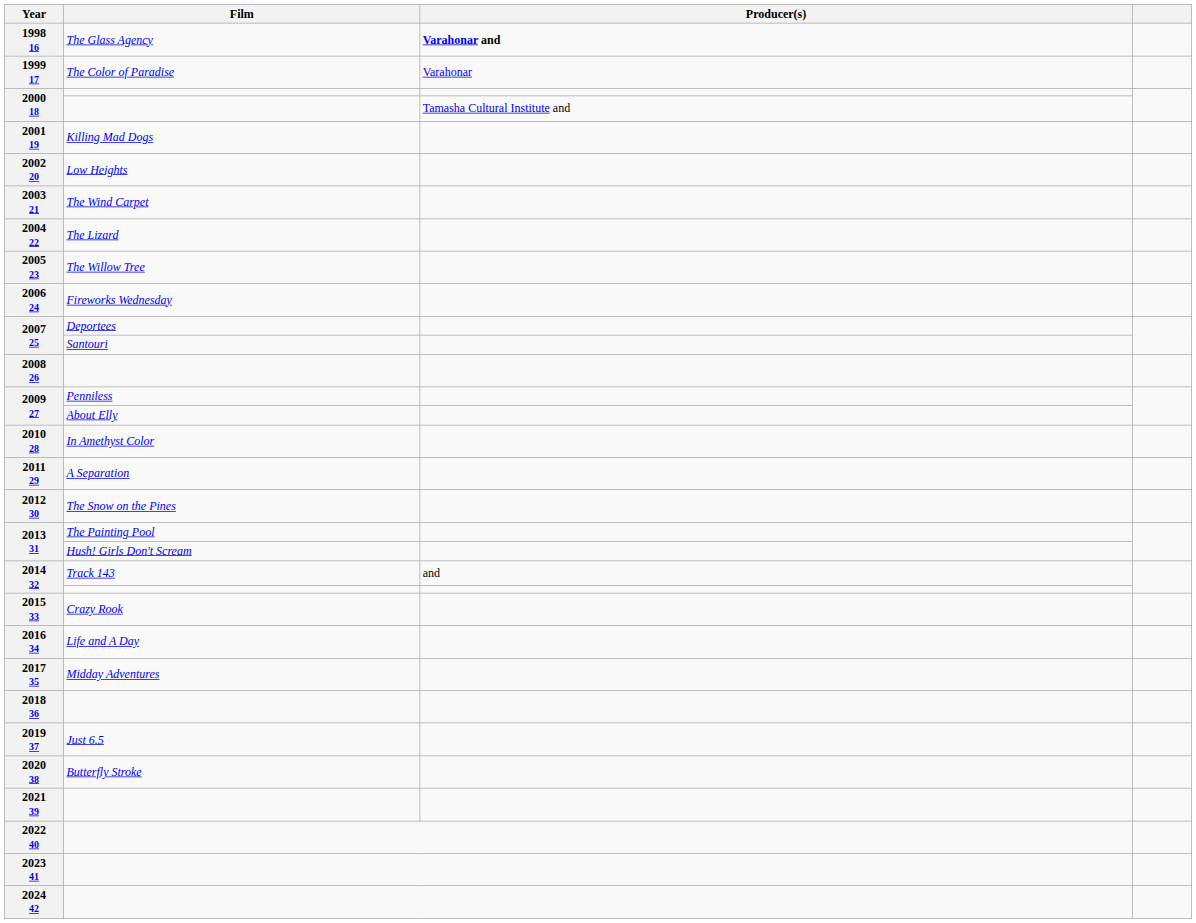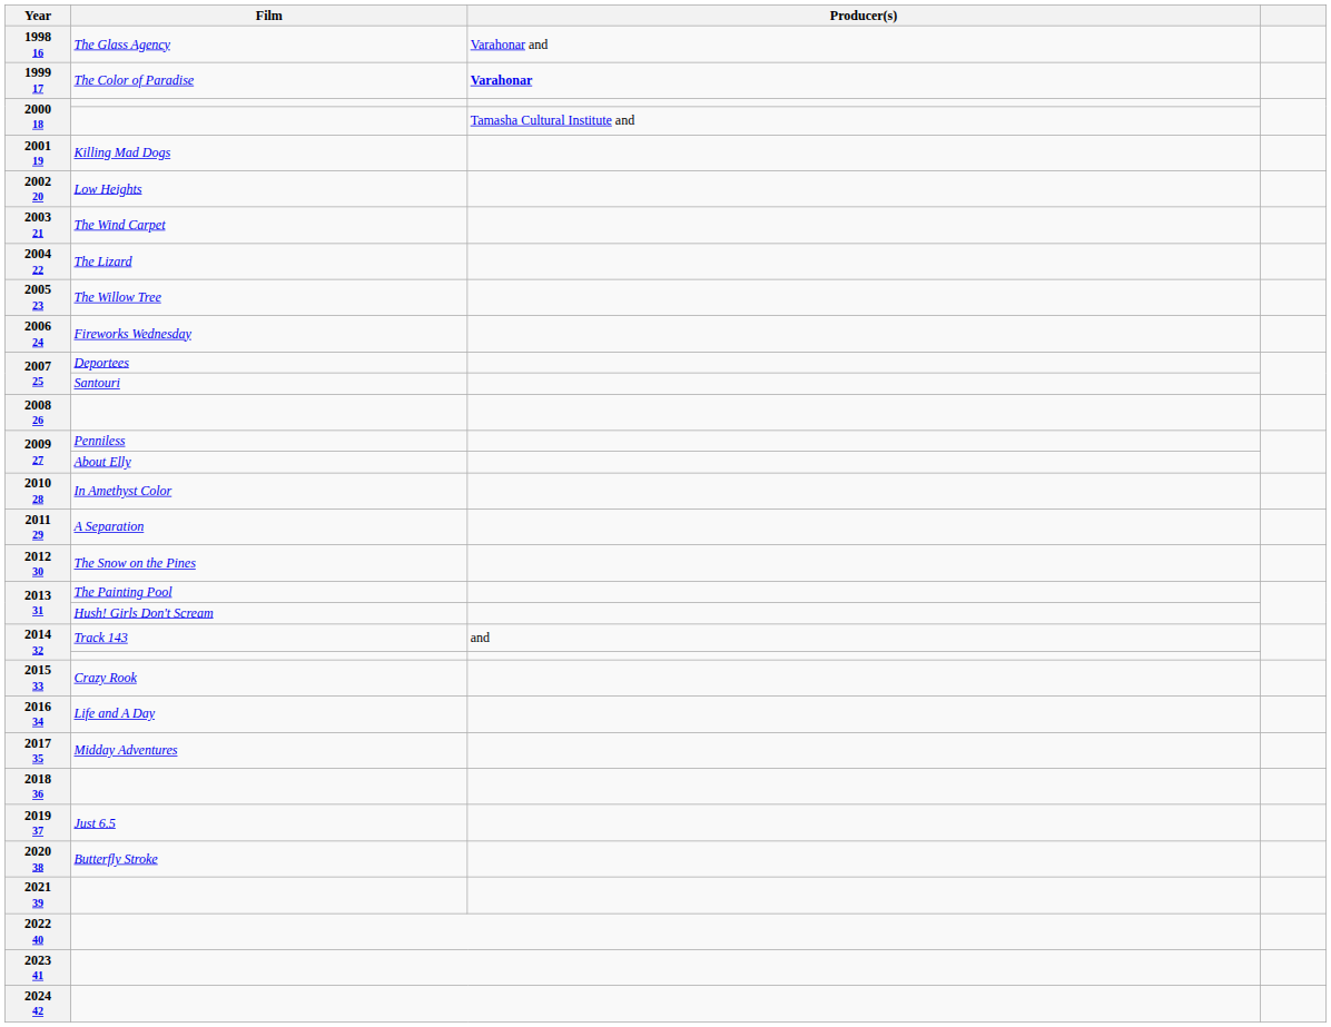 <table class="wikitable sortable plainrowheaders" style="width:100%;">
 <tr>
 <th scope="col" style="width:5%;">Year</th>
 <th scope="col" style="width:30%;">Film</th>
 <th scope="col" style="width:60%;">Producer(s)</th>
 <th scope="col" style="width:5%;" class="unsortable"></th>
 </tr>
 <tr>
 <th scope="row" rowspan=1 style="text-align:center"><strong>1998</strong><br><small><a href='#'>16</a></small></th>
 <td><em><a href='#'>The Glass Agency</a></em></td>
-<td><strong><a href='#'>Varahonar</a> and </strong></td>
+<td><a href='#'>Varahonar</a> and </td>
 <td rowspan=1 align=center></td>
 </tr>
 <tr>
 <th scope="row" rowspan=1 style="text-align:center"><strong>1999</strong><br><small><a href='#'>17</a></small></th>
 <td><em><a href='#'>The Color of Paradise</a></em></td>
-<td><a href='#'>Varahonar</a></td>
+<td><strong><a href='#'>Varahonar</a></strong></td>
 <td rowspan=1 align=center></td>
 </tr>
 <tr>
 <th scope="row" rowspan=2 style="text-align:center"><strong>2000</strong><br><small><a href='#'>18</a></small></th>
 <td><em></em></td>
 <td></td>
 <td rowspan=2 align=center></td>
 </tr>
 <tr>
 <td><em></em></td>
 <td><a href='#'>Tamasha Cultural Institute</a> and </td>
 </tr>
 <tr>
 <th scope="row" rowspan=1 style="text-align:center"><strong>2001</strong><br><small><a href='#'>19</a></small></th>
 <td><em><a href='#'>Killing Mad Dogs</a></em></td>
 <td></td>
 <td rowspan=1 align=center></td>
 </tr>
 <tr>
 <th scope="row" rowspan=1 style="text-align:center"><strong>2002</strong><br><small><a href='#'>20</a></small></th>
 <td><em><a href='#'>Low Heights</a></em></td>
 <td></td>
 <td rowspan=1 align=center></td>
 </tr>
 <tr>
 <th scope="row" rowspan=1 style="text-align:center"><strong>2003</strong><br><small><a href='#'>21</a></small></th>
 <td><em><a href='#'>The Wind Carpet</a></em></td>
 <td></td>
 <td rowspan=1 align=center></td>
 </tr>
 <tr>
 <th scope="row" rowspan=1 style="text-align:center"><strong>2004</strong><br><small><a href='#'>22</a></small></th>
 <td><em><a href='#'>The Lizard</a></em></td>
 <td></td>
 <td rowspan=1 align=center></td>
 </tr>
 <tr>
 <th scope="row" rowspan=1 style="text-align:center"><strong>2005</strong><br><small><a href='#'>23</a></small></th>
 <td><em><a href='#'>The Willow Tree</a></em></td>
 <td></td>
 <td rowspan=1 align=center></td>
 </tr>
 <tr>
 <th scope="row" rowspan=1 style="text-align:center"><strong>2006</strong><br><small><a href='#'>24</a></small></th>
 <td><em><a href='#'>Fireworks Wednesday</a></em></td>
 <td></td>
 <td rowspan=1 align=center></td>
 </tr>
 <tr>
 <th scope="row" rowspan=2 style="text-align:center"><strong>2007</strong><br><small><a href='#'>25</a></small></th>
 <td><em><a href='#'>Deportees</a></em></td>
 <td></td>
 <td rowspan=2 align=center></td>
 </tr>
 <tr>
 <td><em><a href='#'>Santouri</a></em></td>
 <td></td>
 </tr>
 <tr>
 <th scope="row" rowspan=1 style="text-align:center"><strong>2008</strong><br><small><a href='#'>26</a></small></th>
 <td><em></em></td>
 <td></td>
 <td rowspan=1 align=center></td>
 </tr>
 <tr>
 <th scope="row" rowspan=2 style="text-align:center"><strong>2009</strong><br><small><a href='#'>27</a></small></th>
 <td><em><a href='#'>Penniless</a></em></td>
 <td></td>
 <td rowspan=2 align=center></td>
 </tr>
 <tr>
 <td><em><a href='#'>About Elly</a></em></td>
 <td></td>
 </tr>
 <tr>
 <th scope="row" rowspan=1 style="text-align:center"><strong>2010</strong><br><small><a href='#'>28</a></small></th>
 <td><em><a href='#'>In Amethyst Color</a></em></td>
 <td></td>
 <td rowspan=1 align=center></td>
 </tr>
 <tr>
 <th scope="row" rowspan=1 style="text-align:center"><strong>2011</strong><br><small><a href='#'>29</a></small></th>
 <td><em><a href='#'>A Separation</a></em></td>
 <td></td>
 <td rowspan=1 align=center></td>
 </tr>
 <tr>
 <th scope="row" rowspan=1 style="text-align:center"><strong>2012</strong><br><small><a href='#'>30</a></small></th>
 <td><em><a href='#'>The Snow on the Pines</a></em></td>
 <td></td>
 <td rowspan=1 align=center></td>
 </tr>
 <tr>
 <th scope="row" rowspan=2 style="text-align:center"><strong>2013</strong><br><small><a href='#'>31</a></small></th>
 <td><em><a href='#'>The Painting Pool</a></em></td>
 <td></td>
 <td rowspan=2 align=center></td>
 </tr>
 <tr>
 <td><em><a href='#'>Hush! Girls Don't Scream</a></em></td>
 <td></td>
 </tr>
 <tr>
 <th scope="row" rowspan=2 style="text-align:center"><strong>2014</strong><br><small><a href='#'>32</a></small></th>
 <td><em><a href='#'>Track 143</a></em></td>
 <td> and </td>
 <td rowspan=2 align=center></td>
 </tr>
 <tr>
 <td><em></em></td>
 <td></td>
 </tr>
 <tr>
 <th scope="row" rowspan=1 style="text-align:center"><strong>2015</strong><br><small><a href='#'>33</a></small></th>
 <td><em><a href='#'>Crazy Rook</a></em></td>
 <td></td>
 <td rowspan=1 align=center></td>
 </tr>
 <tr>
 <th scope="row" rowspan=1 style="text-align:center"><strong>2016</strong><br><small><a href='#'>34</a></small></th>
 <td><em><a href='#'>Life and A Day</a></em></td>
 <td></td>
 <td rowspan=1 align=center></td>
 </tr>
 <tr>
 <th scope="row" rowspan=1 style="text-align:center"><strong>2017</strong><br><small><a href='#'>35</a></small></th>
 <td><em><a href='#'>Midday Adventures</a></em></td>
 <td></td>
 <td rowspan=1 align=center></td>
 </tr>
 <tr>
 <th scope="row" rowspan=1 style="text-align:center"><strong>2018</strong><br><small><a href='#'>36</a></small></th>
 <td><em></em></td>
 <td></td>
 <td rowspan=1 align=center></td>
 </tr>
 <tr>
 <th scope="row" rowspan=1 style="text-align:center"><strong>2019</strong><br><small><a href='#'>37</a></small></th>
 <td><em><a href='#'>Just 6.5</a></em></td>
 <td></td>
 <td rowspan=1 align=center></td>
 </tr>
 <tr>
 <th scope="row" rowspan=1 style="text-align:center"><strong>2020</strong><br><small><a href='#'>38</a></small></th>
 <td><em><a href='#'>Butterfly Stroke</a></em></td>
 <td></td>
 <td rowspan=1 align=center></td>
 </tr>
 <tr>
 <th>2021<br><small><a href='#'>39</a></small></th>
 <td><em></em></td>
 <td></td>
 <td></td>
 </tr>
 <tr>
 <th>2022<br><small><a href='#'>40</a></small></th>
 <td colspan=2 align=center><em></em></td>
 <td></td>
 </tr>
 <tr>
 <th>2023<br><small><a href='#'>41</a></small></th>
 <td colspan=2 align=center><em></em></td>
 <td></td>
 </tr>
 <tr>
 <th>2024<br><small><a href='#'>42</a></small></th>
 <td colspan=2 align=center><em></em></td>
 <td></td>
 </tr>
 </table>
